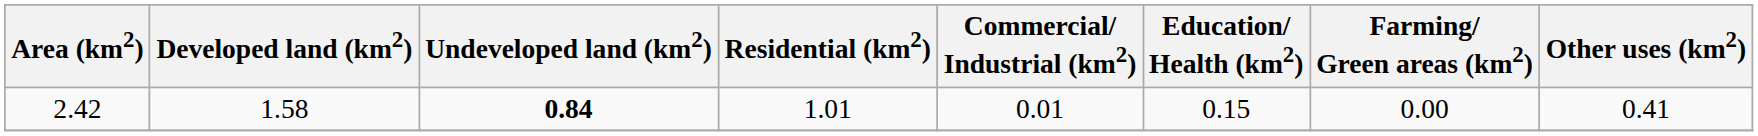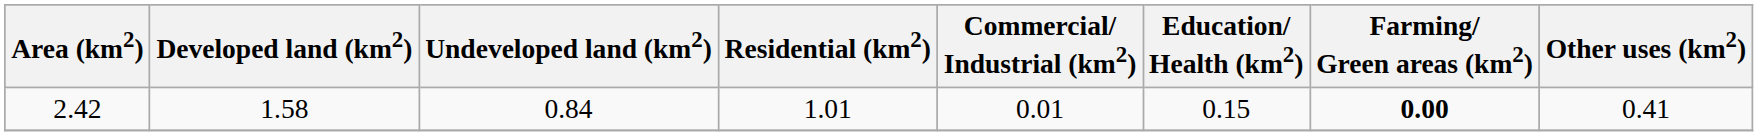 <table class="wikitable" style="text-align: center;">
 <tr>
 <th>Area (km<sup>2</sup>)</th>
 <th>Developed land (km<sup>2</sup>)</th>
 <th>Undeveloped land (km<sup>2</sup>)</th>
 <th>Residential (km<sup>2</sup>)</th>
 <th>Commercial/<br> Industrial (km<sup>2</sup>)</th>
 <th>Education/<br> Health (km<sup>2</sup>)</th>
 <th>Farming/<br> Green areas (km<sup>2</sup>)</th>
 <th>Other uses (km<sup>2</sup>)</th>
 </tr>
 <tr>
 <td>2.42</td>
 <td>1.58</td>
-<td><strong>0.84</strong></td>
+<td>0.84</td>
 <td>1.01</td>
 <td>0.01</td>
 <td>0.15</td>
-<td>0.00</td>
+<td><strong>0.00</strong></td>
 <td>0.41</td>
 </tr>
 <tr>
 </tr>
 </table>
